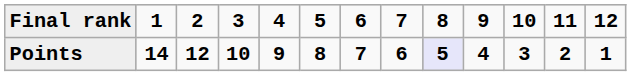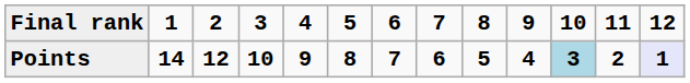 <table class="wikitable" style="font-weight:bold; text-align:center">
 <tr>
 <td align=left bgcolor=#efefef>Final rank</td>
 <td width=20>1</td>
 <td width=20>2</td>
 <td width=20>3</td>
 <td width=20>4</td>
 <td width=20>5</td>
 <td width=20>6</td>
 <td width=20>7</td>
 <td width=20>8</td>
 <td width=20>9</td>
 <td width=20>10</td>
 <td width=20>11</td>
 <td width=20>12</td>
 </tr>
 <tr>
 <td align=left bgcolor=#efefef>Points</td>
 <td width=20>14</td>
 <td width=20>12</td>
 <td width=20>10</td>
 <td width=20>9</td>
 <td width=20>8</td>
 <td width=20>7</td>
 <td width=20>6</td>
-<td width=20 style="background: lavender;">5</td>
+<td width=20>5</td>
 <td width=20>4</td>
-<td width=20>3</td>
+<td width=20 style="background: lightblue;">3</td>
 <td width=20>2</td>
-<td width=20>1</td>
+<td width=20 style="background: lavender;">1</td>
 </tr>
 </table>
